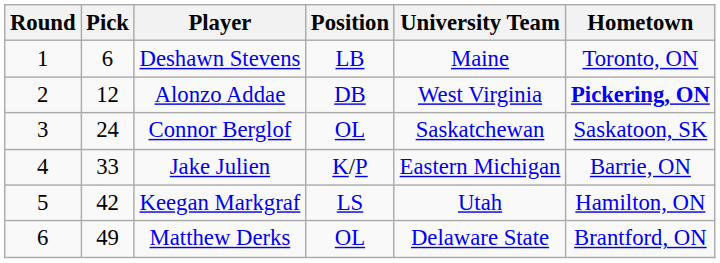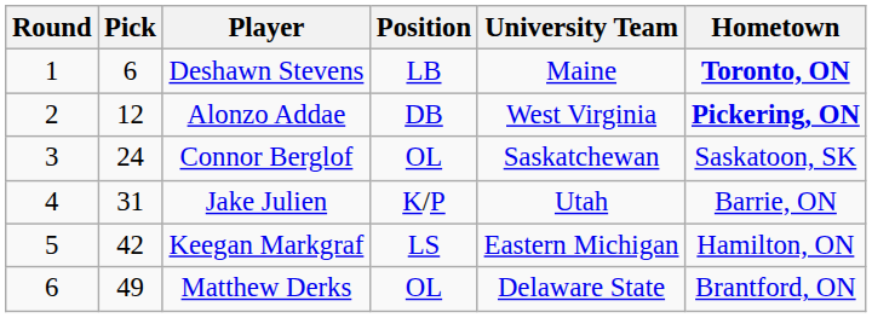 <table class="wikitable sortable">
 <tr>
 <th scope="col">Round</th>
 <th scope="col">Pick</th>
 <th scope="col">Player</th>
 <th scope="col">Position</th>
 <th scope="col">University Team</th>
 <th scope="col">Hometown</th>
 </tr>
 <tr align="center">
 <td align=center>1</td>
 <td>6</td>
 <td><a href='#'>Deshawn Stevens</a></td>
 <td><a href='#'>LB</a></td>
 <td><a href='#'>Maine</a></td>
-<td><a href='#'>Toronto, ON</a></td>
+<td><strong><a href='#'>Toronto, ON</a></strong></td>
 </tr>
 <tr align="center">
 <td align=center>2</td>
 <td>12</td>
 <td><a href='#'>Alonzo Addae</a></td>
 <td><a href='#'>DB</a></td>
 <td><a href='#'>West Virginia</a></td>
 <td><strong><a href='#'>Pickering, ON</a></strong></td>
 </tr>
 <tr align="center">
 <td align=center>3</td>
 <td>24</td>
 <td><a href='#'>Connor Berglof</a></td>
 <td><a href='#'>OL</a></td>
 <td><a href='#'>Saskatchewan</a></td>
 <td><a href='#'>Saskatoon, SK</a></td>
 </tr>
 <tr align="center">
 <td align=center>4</td>
-<td>33</td>
+<td>31</td>
 <td><a href='#'>Jake Julien</a></td>
 <td><a href='#'>K</a>/<a href='#'>P</a></td>
-<td><a href='#'>Eastern Michigan</a></td>
+<td><a href='#'>Utah</a></td>
 <td><a href='#'>Barrie, ON</a></td>
 </tr>
 <tr align="center">
 <td align=center>5</td>
 <td>42</td>
 <td><a href='#'>Keegan Markgraf</a></td>
 <td><a href='#'>LS</a></td>
-<td><a href='#'>Utah</a></td>
+<td><a href='#'>Eastern Michigan</a></td>
 <td><a href='#'>Hamilton, ON</a></td>
 </tr>
 <tr align="center">
 <td align=center>6</td>
 <td>49</td>
 <td><a href='#'>Matthew Derks</a></td>
 <td><a href='#'>OL</a></td>
 <td><a href='#'>Delaware State</a></td>
 <td><a href='#'>Brantford, ON</a></td>
 </tr>
 </table>
